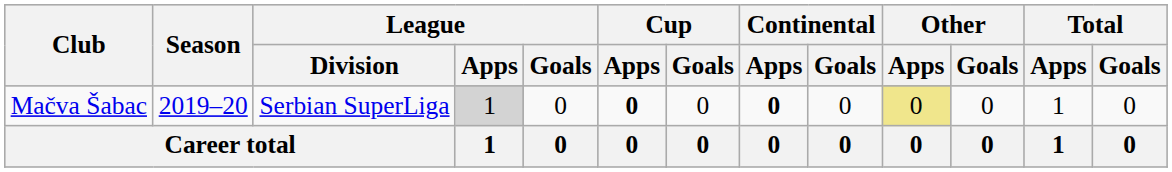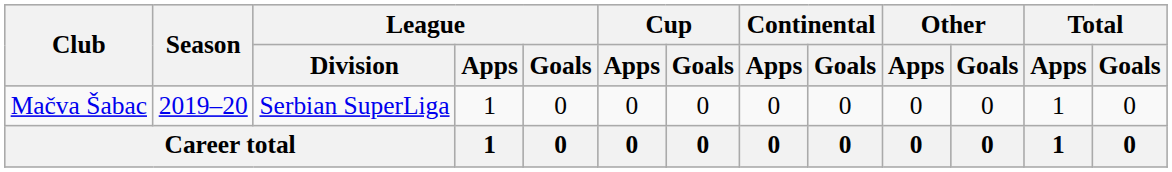 <table class="wikitable" style="text-align: center">
 <tr>
 <th rowspan="2">Club</th>
 <th rowspan="2">Season</th>
 <th colspan="3">League</th>
 <th colspan="2">Cup</th>
 <th colspan="2">Continental</th>
 <th colspan="2">Other</th>
 <th colspan="2">Total</th>
 </tr>
 <tr>
 <th>Division</th>
 <th>Apps</th>
 <th>Goals</th>
 <th>Apps</th>
 <th>Goals</th>
 <th>Apps</th>
 <th>Goals</th>
 <th>Apps</th>
 <th>Goals</th>
 <th>Apps</th>
 <th>Goals</th>
 </tr>
 <tr>
 <td><a href='#'>Mačva Šabac</a></td>
 <td><a href='#'>2019–20</a></td>
 <td><a href='#'>Serbian SuperLiga</a></td>
-<td style="background: lightgrey;">1</td>
+<td>1</td>
 <td>0</td>
-<td><strong>0</strong></td>
 <td>0</td>
-<td><strong>0</strong></td>
 <td>0</td>
-<td style="background: khaki;">0</td>
+<td>0</td>
+<td>0</td>
+<td>0</td>
 <td>0</td>
 <td>1</td>
 <td>0</td>
 </tr>
 <tr>
 <th colspan="3"><strong>Career total</strong></th>
 <th>1</th>
 <th>0</th>
 <th>0</th>
 <th>0</th>
 <th>0</th>
 <th>0</th>
 <th>0</th>
 <th>0</th>
 <th>1</th>
 <th>0</th>
 </tr>
 </table>
